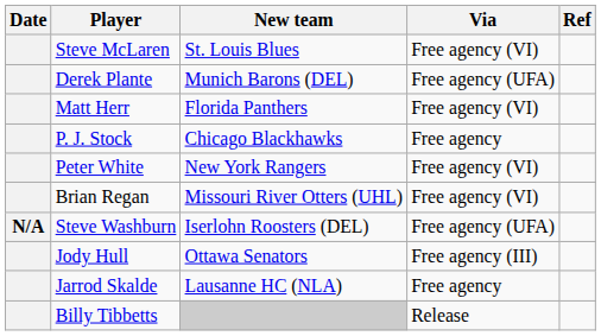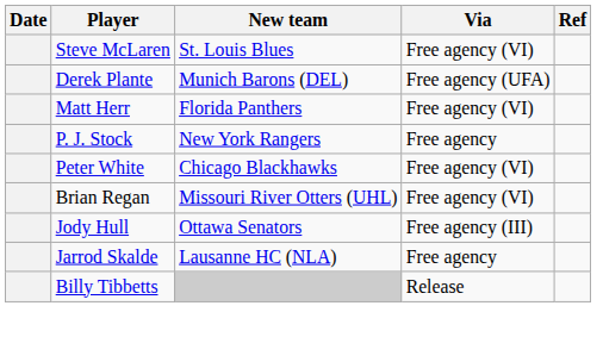 <table class="wikitable plainrowheaders">
 <tr style="background:#ddd; text-align:center;">
 <th>Date</th>
 <th>Player</th>
 <th>New team</th>
 <th>Via</th>
 <th>Ref</th>
 </tr>
 <tr>
 <th scope="row"></th>
 <td><a href='#'>Steve McLaren</a></td>
 <td><a href='#'>St. Louis Blues</a></td>
 <td>Free agency (VI)</td>
 <td></td>
 </tr>
 <tr>
 <th scope="row"></th>
 <td><a href='#'>Derek Plante</a></td>
 <td><a href='#'>Munich Barons</a> (<a href='#'>DEL</a>)</td>
 <td>Free agency (UFA)</td>
 <td></td>
 </tr>
 <tr>
 <th scope="row"></th>
 <td><a href='#'>Matt Herr</a></td>
 <td><a href='#'>Florida Panthers</a></td>
 <td>Free agency (VI)</td>
 <td></td>
 </tr>
 <tr>
 <th scope="row"></th>
 <td><a href='#'>P. J. Stock</a></td>
-<td><a href='#'>Chicago Blackhawks</a></td>
+<td><a href='#'>New York Rangers</a></td>
 <td>Free agency</td>
 <td></td>
 </tr>
 <tr>
 <th scope="row"></th>
 <td><a href='#'>Peter White</a></td>
-<td><a href='#'>New York Rangers</a></td>
+<td><a href='#'>Chicago Blackhawks</a></td>
 <td>Free agency (VI)</td>
 <td></td>
 </tr>
 <tr>
 <th scope="row"></th>
 <td>Brian Regan</td>
 <td><a href='#'>Missouri River Otters</a> (<a href='#'>UHL</a>)</td>
 <td>Free agency (VI)</td>
-<td></td>
-</tr>
-<tr>
-<th scope="row">N/A</th>
-<td><a href='#'>Steve Washburn</a></td>
-<td><a href='#'>Iserlohn Roosters</a> (DEL)</td>
-<td>Free agency (UFA)</td>
 <td></td>
 </tr>
 <tr>
 <th scope="row"></th>
 <td><a href='#'>Jody Hull</a></td>
 <td><a href='#'>Ottawa Senators</a></td>
 <td>Free agency (III)</td>
 <td></td>
 </tr>
 <tr>
 <th scope="row"></th>
 <td><a href='#'>Jarrod Skalde</a></td>
 <td><a href='#'>Lausanne HC</a> (<a href='#'>NLA</a>)</td>
 <td>Free agency</td>
 <td></td>
 </tr>
 <tr>
 <th scope="row"></th>
 <td><a href='#'>Billy Tibbetts</a></td>
 <td style="background:#ccc"></td>
 <td>Release</td>
 <td></td>
 </tr>
 </table>
